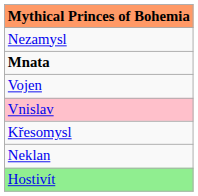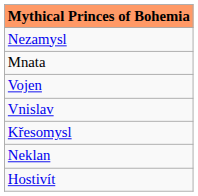 <table class="wikitable">
 <tr>
 <th colspan="2" style="background-color:#ff9966;">Mythical Princes of Bohemia</th>
 </tr>
 <tr>
 <td><a href='#'>Nezamysl</a></td>
 </tr>
 <tr>
-<td><strong>Mnata</strong></td>
+<td>Mnata</td>
 </tr>
 <tr>
 <td><a href='#'>Vojen</a></td>
 </tr>
 <tr>
-<td style="background: pink;"><a href='#'>Vnislav</a></td>
+<td><a href='#'>Vnislav</a></td>
 </tr>
 <tr>
 <td><a href='#'>Křesomysl</a></td>
 </tr>
 <tr>
 <td><a href='#'>Neklan</a></td>
 </tr>
 <tr>
-<td style="background: lightgreen;"><a href='#'>Hostivít</a></td>
+<td><a href='#'>Hostivít</a></td>
 </tr>
 </table>
